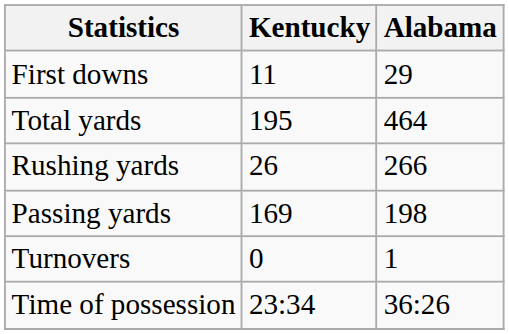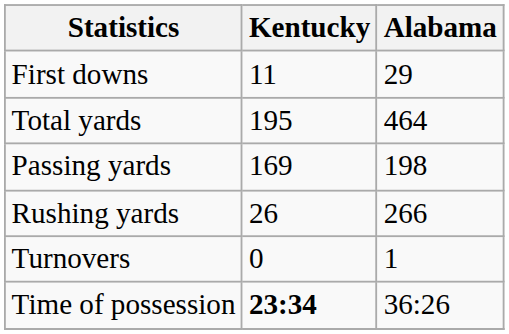 <table class="wikitable" style="float: left;">
 <tr>
 <th>Statistics</th>
 <th>Kentucky</th>
 <th>Alabama</th>
 </tr>
 <tr>
 <td>First downs</td>
 <td>11</td>
 <td>29</td>
 </tr>
 <tr>
 <td>Total yards</td>
 <td>195</td>
 <td>464</td>
 </tr>
 <tr>
+<td>Passing yards</td>
+<td>169</td>
+<td>198</td>
+</tr>
+<tr>
 <td>Rushing yards</td>
 <td>26</td>
 <td>266</td>
-</tr>
-<tr>
-<td>Passing yards</td>
-<td>169</td>
-<td>198</td>
 </tr>
 <tr>
 <td>Turnovers</td>
 <td>0</td>
 <td>1</td>
 </tr>
 <tr>
 <td>Time of possession</td>
-<td>23:34</td>
+<td><strong>23:34</strong></td>
 <td>36:26</td>
 </tr>
 <tr>
 </tr>
 </table>
